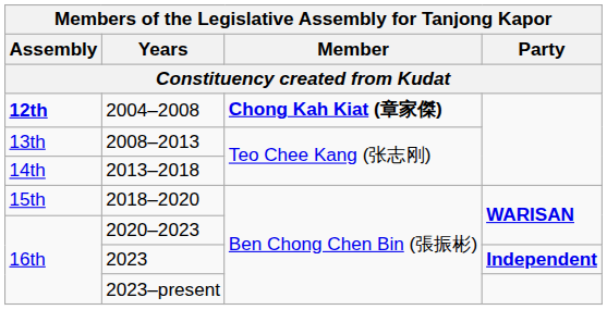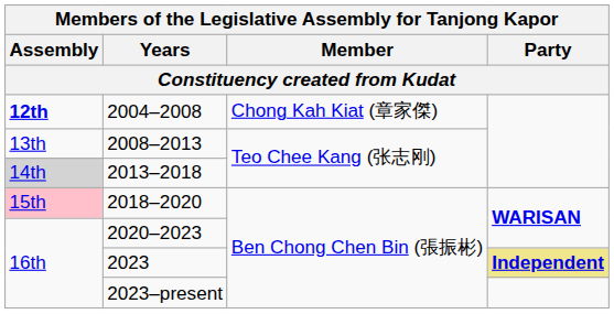 <table class="wikitable">
 <tr>
 <th colspan="4">Members of the Legislative Assembly for Tanjong Kapor</th>
 </tr>
 <tr>
 <th>Assembly</th>
 <th>Years</th>
 <th>Member</th>
 <th>Party</th>
 </tr>
 <tr>
 <th colspan="4" align="center"><em>Constituency created from Kudat</em></th>
 </tr>
 <tr>
 <td><strong><a href='#'>12th</a></strong></td>
 <td>2004–2008</td>
-<td><strong><a href='#'>Chong Kah Kiat</a> (章家傑)</strong></td>
+<td><a href='#'>Chong Kah Kiat</a> (章家傑)</td>
 <td rowspan="3"></td>
 </tr>
 <tr>
 <td><a href='#'>13th</a></td>
 <td>2008–2013</td>
 <td rowspan="2"><a href='#'>Teo Chee Kang</a> (张志刚)</td>
 </tr>
 <tr>
-<td><a href='#'>14th</a></td>
+<td style="background: lightgrey;"><a href='#'>14th</a></td>
 <td>2013–2018</td>
 </tr>
 <tr>
-<td><a href='#'>15th</a></td>
+<td style="background: pink;"><a href='#'>15th</a></td>
 <td>2018–2020</td>
 <td rowspan="4"><a href='#'>Ben Chong Chen Bin</a> (張振彬)</td>
 <td rowspan="2"><strong><a href='#'>WARISAN</a></strong></td>
 </tr>
 <tr>
 <td rowspan="3"><a href='#'>16th</a></td>
 <td>2020–2023</td>
 </tr>
 <tr>
 <td>2023</td>
-<td><strong><a href='#'>Independent</a></strong></td>
+<td style="background: khaki;"><strong><a href='#'>Independent</a></strong></td>
 </tr>
 <tr>
 <td>2023–present</td>
 <td></td>
 </tr>
 </table>
